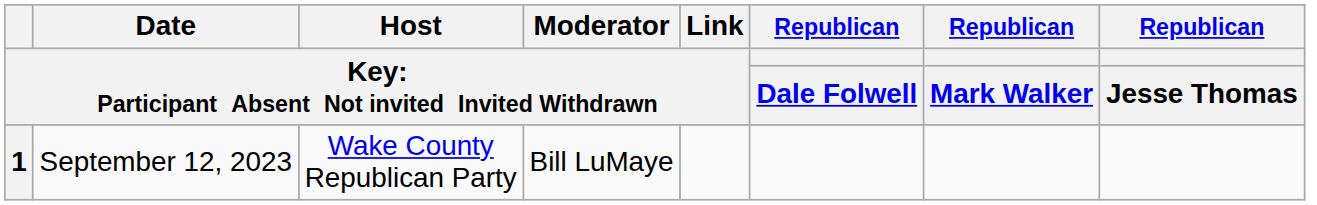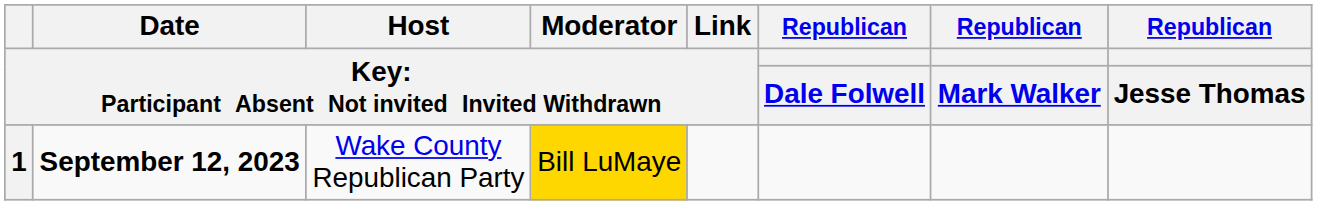 <table class="wikitable" style="text-align:center;">
 <tr>
 <th scope="col"></th>
 <th scope="col">Date</th>
 <th scope="col">Host</th>
 <th scope="col">Moderator</th>
 <th scope="col">Link</th>
 <th scope="col"><small><a href='#'>Republican</a></small></th>
 <th scope="col"><small><a href='#'>Republican</a></small></th>
 <th scope="col"><small><a href='#'>Republican</a></small></th>
 </tr>
 <tr>
 <th colspan="5" rowspan="2">Key:<br> <small>Participant </small>  <small>Absent </small>  <small>Not invited </small>  <small>Invited  Withdrawn</small></th>
 <th scope="col" style="background:"></th>
 <th scope="col" style="background:"></th>
 <th scope="col" style="background:"></th>
 </tr>
 <tr>
 <th scope="col"><a href='#'>Dale Folwell</a></th>
 <th scope="col"><a href='#'>Mark Walker</a></th>
 <th scope="col">Jesse Thomas</th>
 </tr>
 <tr>
 <th>1</th>
-<td style="white-space:nowrap;">September 12, 2023</td>
+<td style="white-space:nowrap;"><strong>September 12, 2023</strong></td>
 <td style="white-space:nowrap;"><a href='#'>Wake County</a><br>Republican Party</td>
-<td style="white-space:nowrap;">Bill LuMaye</td>
+<td style="background: gold; white-space:nowrap;">Bill LuMaye</td>
 <td style="white-space:nowrap;"></td>
 <td></td>
 <td></td>
 <td></td>
 </tr>
 </table>
